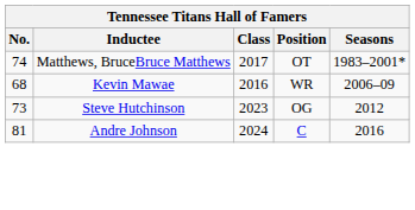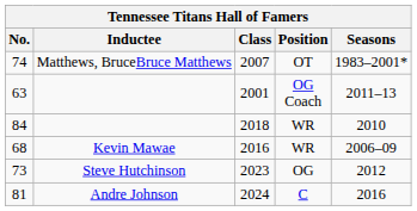 <table class="wikitable"  style="text-align:center;">
 <tr>
 <th colspan="5">Tennessee Titans Hall of Famers</th>
 </tr>
 <tr>
 <th scope="col">No.</th>
 <th scope="col">Inductee</th>
 <th scope="col">Class</th>
 <th scope="col">Position</th>
 <th scope="col">Seasons</th>
 </tr>
 <tr>
 <td>74</td>
 <td><span>Matthews, Bruce</span><a href='#'>Bruce Matthews</a></td>
-<td>2017</td>
+<td>2007</td>
 <td>OT</td>
 <td>1983–2001*</td>
+</tr>
+<tr>
+<td>63</td>
+<td></td>
+<td>2001</td>
+<td><a href='#'>OG</a><br>Coach</td>
+<td>2011–13</td>
+</tr>
+<tr>
+<td>84</td>
+<td></td>
+<td>2018</td>
+<td>WR</td>
+<td>2010</td>
 </tr>
 <tr>
 <td>68</td>
 <td><a href='#'>Kevin Mawae</a></td>
 <td>2016</td>
 <td>WR</td>
 <td>2006–09</td>
 </tr>
 <tr>
 <td>73</td>
 <td><a href='#'>Steve Hutchinson</a></td>
 <td>2023</td>
 <td>OG</td>
 <td>2012</td>
 </tr>
 <tr>
 <td>81</td>
 <td><a href='#'>Andre Johnson</a></td>
 <td>2024</td>
 <td><a href='#'>C</a></td>
 <td>2016</td>
 </tr>
 </table>
